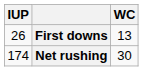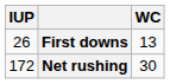 <table class="wikitable" width="auto" style="text-align: center">
 <tr>
 <th>IUP</th>
 <th></th>
 <th>WC</th>
 </tr>
 <tr>
 <td>26</td>
 <th>First downs</th>
 <td>13</td>
 </tr>
 <tr>
-<td>174</td>
+<td>172</td>
 <th>Net rushing</th>
 <td>30</td>
 </tr>
 </table>
